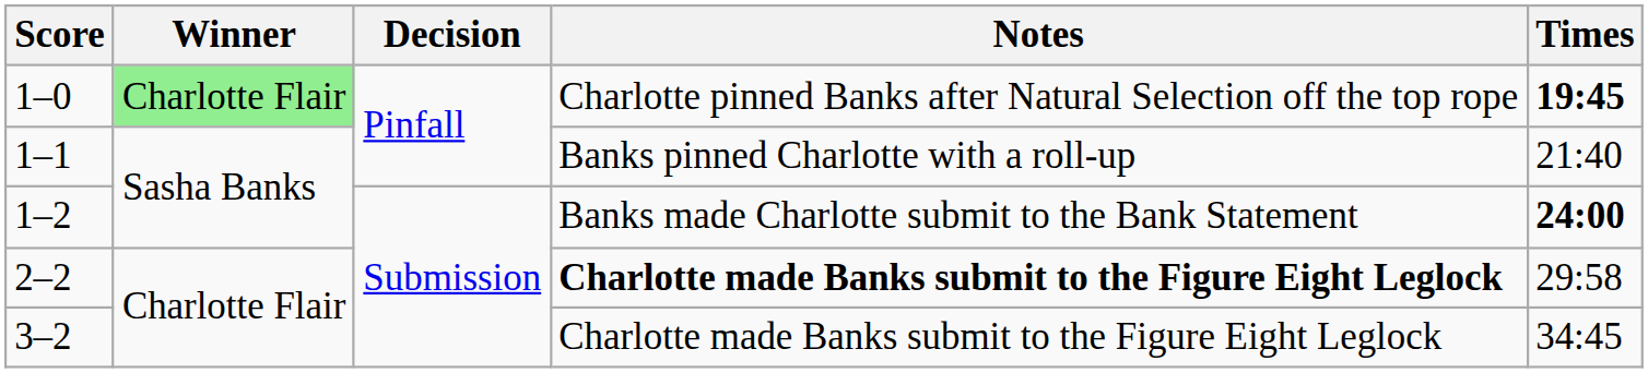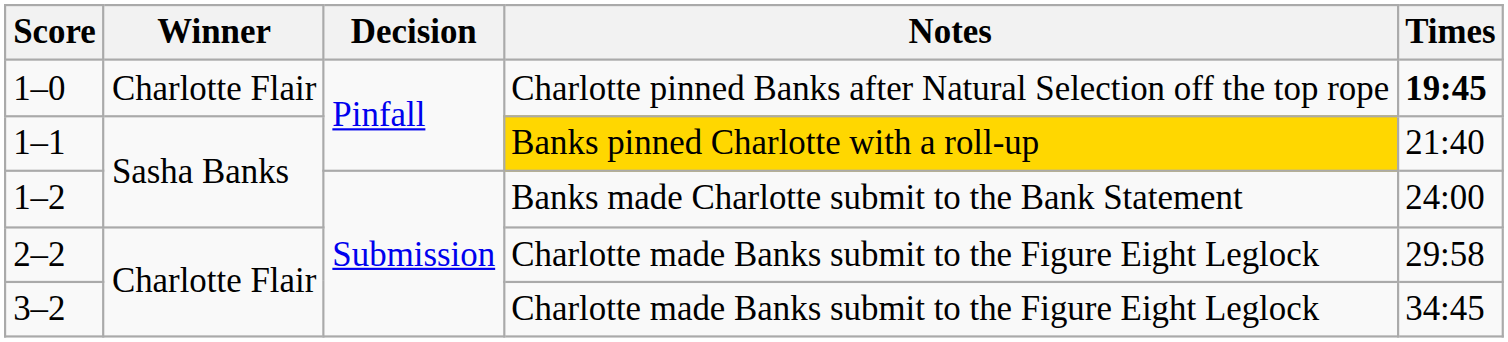 <table class="wikitable">
 <tr>
 <th><strong>Score</strong></th>
 <th><strong>Winner</strong></th>
 <th><strong>Decision</strong></th>
 <th><strong>Notes</strong></th>
 <th><strong>Times</strong></th>
 </tr>
 <tr>
 <td>1–0</td>
-<td style="background: lightgreen;">Charlotte Flair</td>
+<td>Charlotte Flair</td>
 <td rowspan="2"><a href='#'>Pinfall</a></td>
 <td>Charlotte pinned Banks after Natural Selection off the top rope</td>
 <td><strong>19:45</strong></td>
 </tr>
 <tr>
 <td>1–1</td>
 <td rowspan="2">Sasha Banks</td>
-<td>Banks pinned Charlotte with a roll-up</td>
+<td style="background: gold;">Banks pinned Charlotte with a roll-up</td>
 <td>21:40</td>
 </tr>
 <tr>
 <td>1–2</td>
 <td rowspan="3"><a href='#'>Submission</a></td>
 <td>Banks made Charlotte submit to the Bank Statement</td>
-<td><strong>24:00</strong></td>
+<td>24:00</td>
 </tr>
 <tr>
 <td>2–2</td>
 <td rowspan="2">Charlotte Flair</td>
-<td><strong>Charlotte made Banks submit to the Figure Eight Leglock</strong></td>
+<td>Charlotte made Banks submit to the Figure Eight Leglock</td>
 <td>29:58</td>
 </tr>
 <tr>
 <td>3–2</td>
 <td>Charlotte made Banks submit to the Figure Eight Leglock</td>
 <td>34:45</td>
 </tr>
 </table>
